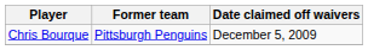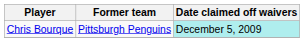 <table class="wikitable">
 <tr>
 <th>Player</th>
 <th>Former team</th>
 <th>Date claimed off waivers</th>
 </tr>
 <tr>
 <td><a href='#'>Chris Bourque</a></td>
 <td><a href='#'>Pittsburgh Penguins</a></td>
-<td>December 5, 2009</td>
+<td style="background: paleturquoise;">December 5, 2009</td>
 </tr>
 <tr>
 </tr>
 </table>
